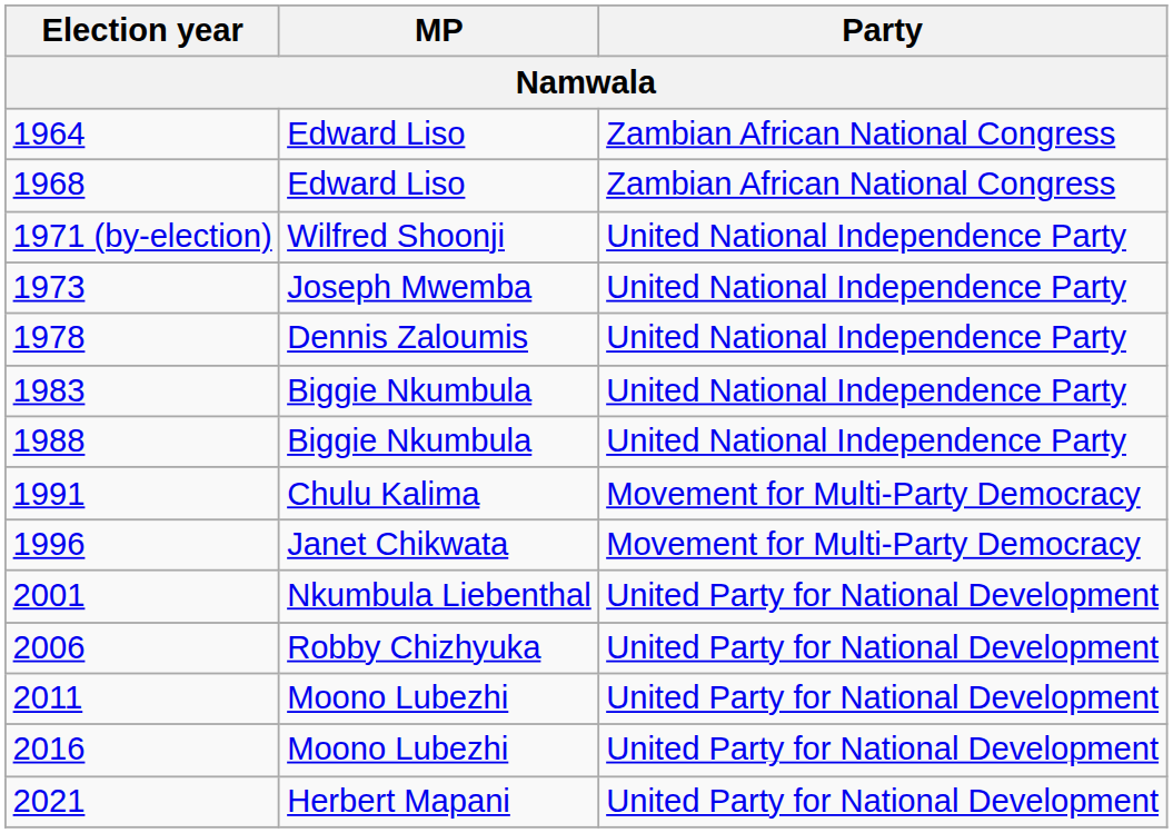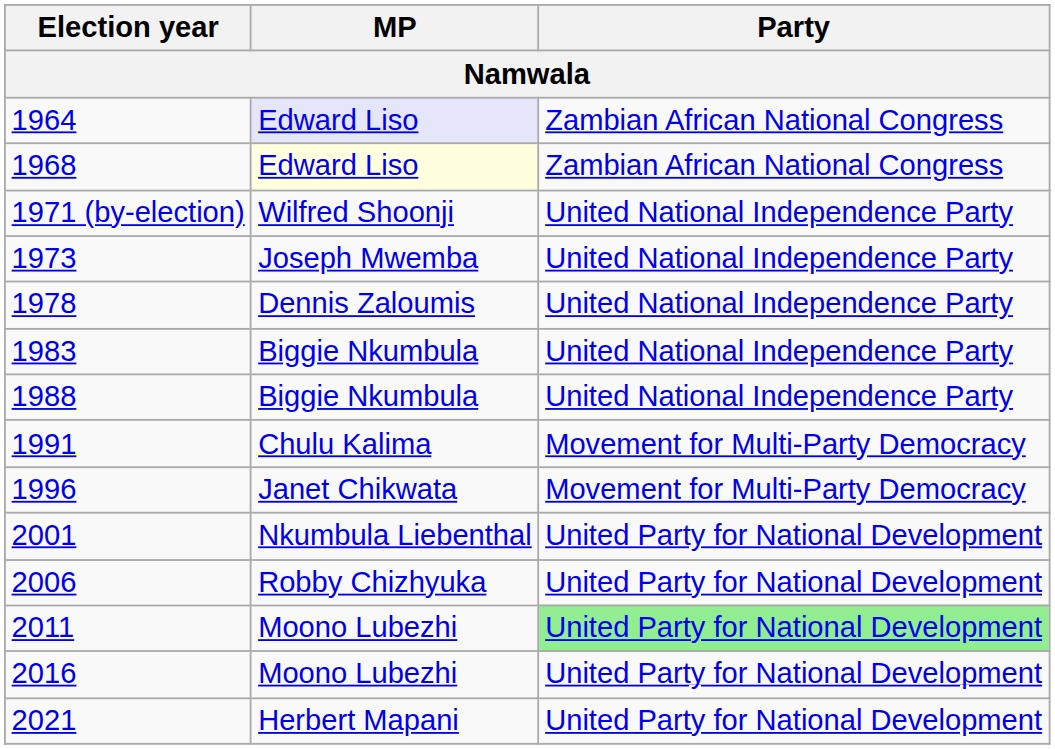 <table class="wikitable">
 <tr>
 <th>Election year</th>
 <th>MP</th>
 <th>Party</th>
 </tr>
 <tr>
 <th colspan="3">Namwala</th>
 </tr>
 <tr>
 <td><a href='#'>1964</a></td>
-<td><a href='#'>Edward Liso</a></td>
+<td style="background: lavender;"><a href='#'>Edward Liso</a></td>
 <td><a href='#'>Zambian African National Congress</a></td>
 </tr>
 <tr>
 <td><a href='#'>1968</a></td>
-<td><a href='#'>Edward Liso</a></td>
+<td style="background: lightyellow;"><a href='#'>Edward Liso</a></td>
 <td><a href='#'>Zambian African National Congress</a></td>
 </tr>
 <tr>
 <td><a href='#'>1971 (by-election)</a></td>
 <td><a href='#'>Wilfred Shoonji</a></td>
 <td><a href='#'>United National Independence Party</a></td>
 </tr>
 <tr>
 <td><a href='#'>1973</a></td>
 <td><a href='#'>Joseph Mwemba</a></td>
 <td><a href='#'>United National Independence Party</a></td>
 </tr>
 <tr>
 <td><a href='#'>1978</a></td>
 <td><a href='#'>Dennis Zaloumis</a></td>
 <td><a href='#'>United National Independence Party</a></td>
 </tr>
 <tr>
 <td><a href='#'>1983</a></td>
 <td><a href='#'>Biggie Nkumbula</a></td>
 <td><a href='#'>United National Independence Party</a></td>
 </tr>
 <tr>
 <td><a href='#'>1988</a></td>
 <td><a href='#'>Biggie Nkumbula</a></td>
 <td><a href='#'>United National Independence Party</a></td>
 </tr>
 <tr>
 <td><a href='#'>1991</a></td>
 <td><a href='#'>Chulu Kalima</a></td>
 <td><a href='#'>Movement for Multi-Party Democracy</a></td>
 </tr>
 <tr>
 <td><a href='#'>1996</a></td>
 <td><a href='#'>Janet Chikwata</a></td>
 <td><a href='#'>Movement for Multi-Party Democracy</a></td>
 </tr>
 <tr>
 <td><a href='#'>2001</a></td>
 <td><a href='#'>Nkumbula Liebenthal</a></td>
 <td><a href='#'>United Party for National Development</a></td>
 </tr>
 <tr>
 <td><a href='#'>2006</a></td>
 <td><a href='#'>Robby Chizhyuka</a></td>
 <td><a href='#'>United Party for National Development</a></td>
 </tr>
 <tr>
 <td><a href='#'>2011</a></td>
 <td><a href='#'>Moono Lubezhi</a></td>
-<td><a href='#'>United Party for National Development</a></td>
+<td style="background: lightgreen;"><a href='#'>United Party for National Development</a></td>
 </tr>
 <tr>
 <td><a href='#'>2016</a></td>
 <td><a href='#'>Moono Lubezhi</a></td>
 <td><a href='#'>United Party for National Development</a></td>
 </tr>
 <tr>
 <td><a href='#'>2021</a></td>
 <td><a href='#'>Herbert Mapani</a></td>
 <td><a href='#'>United Party for National Development</a></td>
 </tr>
 </table>
